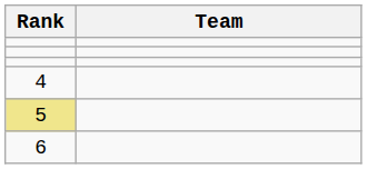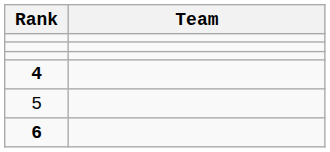 <table class="wikitable" style="text-align: center;">
 <tr>
 <th width=40>Rank</th>
 <th width=180>Team</th>
 </tr>
 <tr>
 <td></td>
 <td style="text-align:left;"></td>
 </tr>
 <tr align=center>
 <td></td>
 <td style="text-align:left;"></td>
 </tr>
 <tr>
 <td></td>
 <td style="text-align:left;"></td>
 </tr>
 <tr>
-<td>4</td>
+<td><strong>4</strong></td>
 <td style="text-align:left;"></td>
 </tr>
 <tr>
-<td style="background: khaki;">5</td>
+<td>5</td>
 <td style="text-align:left;"></td>
 </tr>
 <tr>
-<td>6</td>
+<td><strong>6</strong></td>
 <td style="text-align:left;"></td>
 </tr>
 </table>
